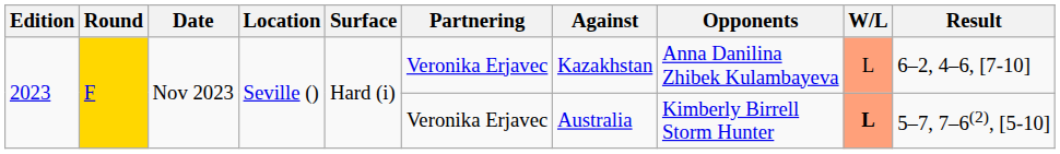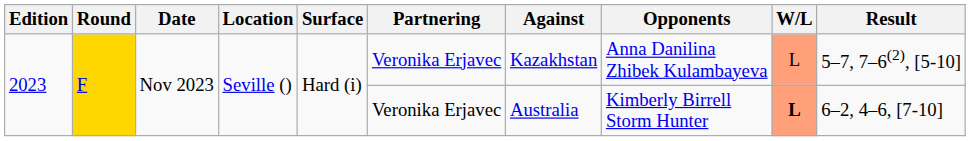 <table class="wikitable">
 <tr style="background:#eee;">
 <th>Edition</th>
 <th>Round</th>
 <th>Date</th>
 <th>Location</th>
 <th>Surface</th>
 <th>Partnering</th>
 <th>Against</th>
 <th>Opponents</th>
 <th>W/L</th>
 <th>Result</th>
 </tr>
 <tr>
 <td rowspan="2"><a href='#'>2023</a></td>
 <td rowspan="2" bgcolor="gold"><a href='#'>F</a></td>
 <td rowspan="2">Nov 2023</td>
 <td rowspan="2"><a href='#'>Seville</a> ()</td>
 <td rowspan="2">Hard (i)</td>
 <td><a href='#'>Veronika Erjavec</a></td>
 <td> <a href='#'>Kazakhstan</a></td>
 <td><a href='#'>Anna Danilina</a> <br> <a href='#'>Zhibek Kulambayeva</a></td>
 <td style="text-align:center; background:#FFA07A;">L</td>
-<td>6–2, 4–6, [7-10]</td>
+<td>5–7, 7–6<sup>(2)</sup>, [5-10]</td>
 </tr>
 <tr>
 <td>Veronika Erjavec</td>
 <td> <a href='#'>Australia</a></td>
 <td><a href='#'>Kimberly Birrell</a> <br> <a href='#'>Storm Hunter</a></td>
 <td style="text-align:center; background:#FFA07A;"><strong>L</strong></td>
-<td>5–7, 7–6<sup>(2)</sup>, [5-10]</td>
+<td>6–2, 4–6, [7-10]</td>
 </tr>
 </table>
